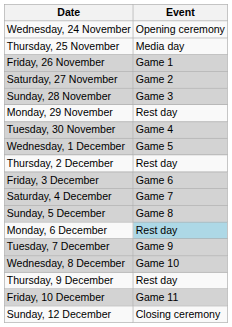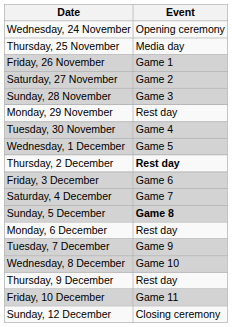 <table class="wikitable">
 <tr>
 <th>Date</th>
 <th>Event</th>
 </tr>
 <tr>
 <td>Wednesday, 24 November</td>
 <td>Opening ceremony</td>
 </tr>
 <tr>
 <td>Thursday, 25 November</td>
 <td>Media day</td>
 </tr>
 <tr style="background:lightgray">
 <td>Friday, 26 November</td>
 <td>Game 1</td>
 </tr>
 <tr style="background:lightgray">
 <td>Saturday, 27 November</td>
 <td>Game 2</td>
 </tr>
 <tr style="background:lightgray">
 <td>Sunday, 28 November</td>
 <td>Game 3</td>
 </tr>
 <tr>
 <td>Monday, 29 November</td>
 <td>Rest day</td>
 </tr>
 <tr style="background:lightgray">
 <td>Tuesday, 30 November</td>
 <td>Game 4</td>
 </tr>
 <tr style="background:lightgray">
 <td>Wednesday, 1 December</td>
 <td>Game 5</td>
 </tr>
 <tr>
 <td>Thursday, 2 December</td>
-<td>Rest day</td>
+<td><strong>Rest day</strong></td>
 </tr>
 <tr style="background:lightgray">
 <td>Friday, 3 December</td>
 <td>Game 6</td>
 </tr>
 <tr style="background:lightgray">
 <td>Saturday, 4 December</td>
 <td>Game 7</td>
 </tr>
 <tr style="background:lightgray">
 <td>Sunday, 5 December</td>
-<td>Game 8</td>
+<td><strong>Game 8</strong></td>
 </tr>
 <tr>
 <td>Monday, 6 December</td>
-<td style="background: lightblue;">Rest day</td>
+<td>Rest day</td>
 </tr>
 <tr style="background:lightgray">
 <td>Tuesday, 7 December</td>
 <td>Game 9</td>
 </tr>
 <tr style="background:lightgray">
 <td>Wednesday, 8 December</td>
 <td>Game 10</td>
 </tr>
 <tr>
 <td>Thursday, 9 December</td>
 <td>Rest day</td>
 </tr>
 <tr style="background:lightgray">
 <td>Friday, 10 December</td>
 <td>Game 11</td>
 </tr>
 <tr>
 <td>Sunday, 12 December</td>
 <td>Closing ceremony</td>
 </tr>
 </table>
